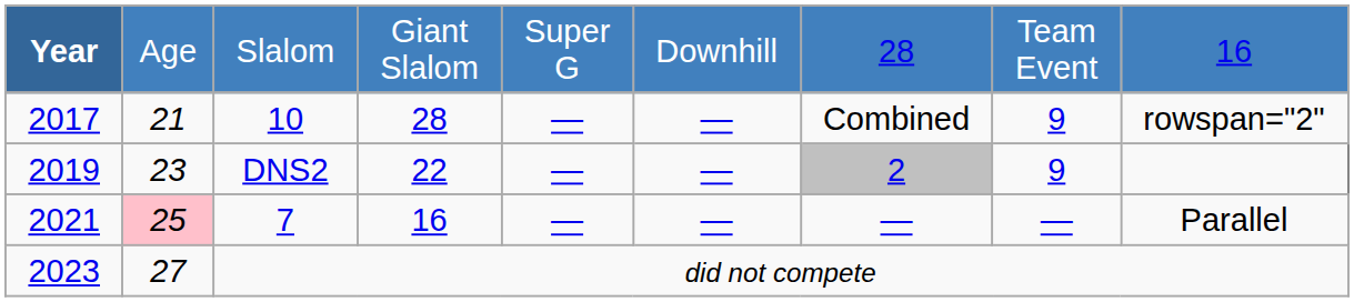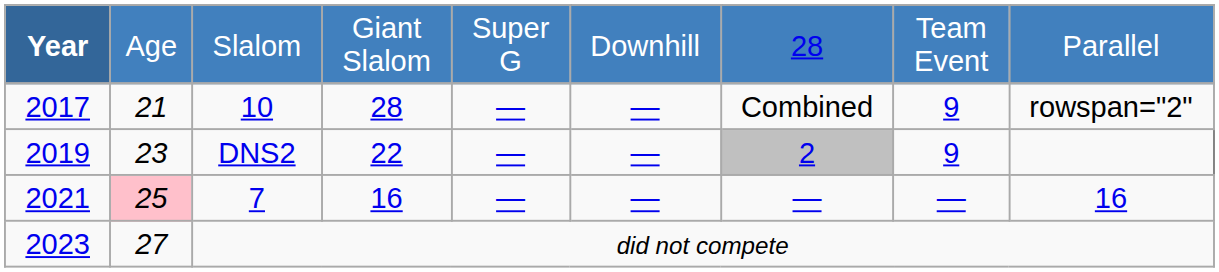 <table class="wikitable" style="font-size:95%; text-align:center; border:grey solid 1px; border-collapse:collapse;" width="40%">
 <tr style="background-color:#369; color:white;">
 <td rowspan="2" colspan="1" width="5%"><strong>Year</strong></td>
 </tr>
 <tr style="background-color:#4180be; color:white;">
 <td width="3%">Age</td>
 <td width="5%">Slalom</td>
 <td width="5%">Giant<br>Slalom</td>
 <td width="5%">Super G</td>
 <td width="5%">Downhill</td>
 <td><a href='#'>28</a></td>
 <td width="5%">Team Event</td>
-<td><a href='#'>16</a></td>
+<td width="5%">Parallel</td>
 </tr>
 <tr style="background-color:#8CB2D8; color:white;">
 </tr>
 <tr>
 <td><a href='#'>2017</a></td>
 <td><em>21</em></td>
 <td><a href='#'>10</a></td>
 <td><a href='#'>28</a></td>
 <td><a href='#'>—</a></td>
 <td><a href='#'>—</a></td>
 <td width="5%">Combined</td>
 <td><a href='#'>9</a></td>
 <td>rowspan="2" </td>
 </tr>
 <tr>
 <td><a href='#'>2019</a></td>
 <td><em>23</em></td>
 <td><a href='#'>DNS2</a></td>
 <td><a href='#'>22</a></td>
 <td><a href='#'>—</a></td>
 <td><a href='#'>—</a></td>
 <td bgcolor=silver><a href='#'>2</a></td>
 <td><a href='#'>9</a></td>
 </tr>
 <tr>
 <td><a href='#'>2021</a></td>
 <td style="background: pink;"><em>25</em></td>
 <td><a href='#'>7</a></td>
 <td><a href='#'>16</a></td>
 <td><a href='#'>—</a></td>
 <td><a href='#'>—</a></td>
 <td><a href='#'>—</a></td>
 <td><a href='#'>—</a></td>
-<td width="5%">Parallel</td>
+<td><a href='#'>16</a></td>
 </tr>
 <tr>
 <td><a href='#'>2023</a></td>
 <td><em>27</em></td>
 <td colspan=7><em><small>did not compete</small></em></td>
 </tr>
 </table>
